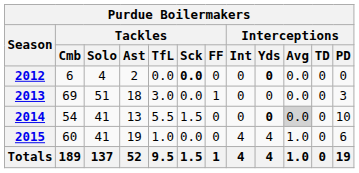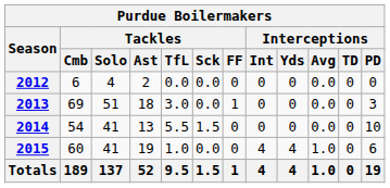 <table class=wikitable style="text-align:center;">
 <tr>
 <th colspan=15>Purdue Boilermakers</th>
 </tr>
 <tr>
 <th rowspan="2">Season</th>
 <th colspan="6">Tackles</th>
 <th colspan="5">Interceptions</th>
 </tr>
 <tr>
 <th>Cmb</th>
 <th>Solo</th>
 <th>Ast</th>
 <th>TfL</th>
 <th>Sck</th>
 <th>FF</th>
 <th>Int</th>
 <th>Yds</th>
 <th>Avg</th>
 <th>TD</th>
 <th>PD</th>
 </tr>
 <tr>
 <th><a href='#'>2012</a></th>
 <td>6</td>
 <td>4</td>
 <td>2</td>
 <td>0.0</td>
-<td><strong>0.0</strong></td>
+<td>0.0</td>
 <td>0</td>
 <td>0</td>
-<td><strong>0</strong></td>
+<td>0</td>
 <td>0.0</td>
 <td>0</td>
 <td>0</td>
 </tr>
 <tr>
 <th><a href='#'>2013</a></th>
 <td>69</td>
 <td>51</td>
 <td>18</td>
 <td>3.0</td>
 <td>0.0</td>
 <td>1</td>
 <td>0</td>
 <td>0</td>
 <td>0.0</td>
 <td>0</td>
 <td>3</td>
 </tr>
 <tr>
 <th><a href='#'>2014</a></th>
 <td>54</td>
 <td>41</td>
 <td>13</td>
 <td>5.5</td>
 <td>1.5</td>
 <td>0</td>
 <td>0</td>
-<td><strong>0</strong></td>
-<td style="background: lightgrey;">0.0</td>
+<td>0</td>
+<td>0.0</td>
 <td>0</td>
 <td>10</td>
 </tr>
 <tr>
 <th><a href='#'>2015</a></th>
 <td>60</td>
 <td>41</td>
 <td>19</td>
 <td>1.0</td>
 <td>0.0</td>
 <td>0</td>
 <td>4</td>
 <td>4</td>
 <td>1.0</td>
 <td>0</td>
 <td>6</td>
 </tr>
 <tr>
 <th>Totals</th>
 <th>189</th>
 <th>137</th>
 <th>52</th>
 <th>9.5</th>
 <th>1.5</th>
 <th>1</th>
 <th>4</th>
 <th>4</th>
 <th>1.0</th>
 <th>0</th>
 <th>19</th>
 </tr>
 </table>
